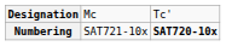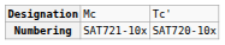 <table class="wikitable">
 <tr>
 <th>Designation</th>
 <td>Mc</td>
 <td>Tc'</td>
 </tr>
 <tr>
 <th>Numbering</th>
 <td>SAT721-10x</td>
-<td><strong>SAT720-10x</strong></td>
+<td>SAT720-10x</td>
 </tr>
 </table>
